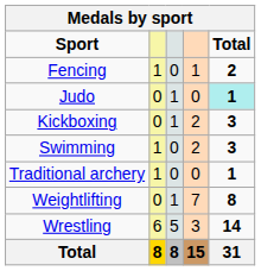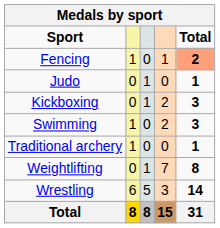 <table class="wikitable" style="font-size:85%">
 <tr style="background:#efefef;">
 <th colspan=7>Medals by sport</th>
 </tr>
 <tr align=center>
 <td><strong>Sport</strong></td>
 <td bgcolor=#f7f6a8></td>
 <td bgcolor=#dce5e5></td>
 <td bgcolor=#ffdab9></td>
 <td><strong>Total</strong></td>
 </tr>
 <tr align=center>
 <td><a href='#'>Fencing</a></td>
 <td style="background:#F7F6A8;">1</td>
 <td style="background:#DCE5E5;">0</td>
 <td style="background:#FFDAB9;">1</td>
-<td><strong>2</strong></td>
+<td style="background: lightsalmon;"><strong>2</strong></td>
 </tr>
 <tr align=center>
 <td><a href='#'>Judo</a></td>
 <td style="background:#F7F6A8;">0</td>
 <td style="background:#DCE5E5;">1</td>
 <td style="background:#FFDAB9;">0</td>
-<td style="background: paleturquoise;"><strong>1</strong></td>
+<td><strong>1</strong></td>
 </tr>
 <tr align=center>
 <td><a href='#'>Kickboxing</a></td>
 <td style="background:#F7F6A8;">0</td>
 <td style="background:#DCE5E5;">1</td>
 <td style="background:#FFDAB9;">2</td>
 <td><strong>3</strong></td>
 </tr>
 <tr align=center>
 <td><a href='#'>Swimming</a></td>
 <td style="background:#F7F6A8;">1</td>
 <td style="background:#DCE5E5;">0</td>
 <td style="background:#FFDAB9;">2</td>
 <td><strong>3</strong></td>
 </tr>
 <tr align=center>
 <td><a href='#'>Traditional archery</a></td>
 <td style="background:#F7F6A8;">1</td>
 <td style="background:#DCE5E5;">0</td>
 <td style="background:#FFDAB9;">0</td>
 <td><strong>1</strong></td>
 </tr>
 <tr align=center>
 <td><a href='#'>Weightlifting</a></td>
 <td style="background:#F7F6A8;">0</td>
 <td style="background:#DCE5E5;">1</td>
 <td style="background:#FFDAB9;">7</td>
 <td><strong>8</strong></td>
 </tr>
 <tr align=center>
 <td><a href='#'>Wrestling</a></td>
 <td style="background:#F7F6A8;">6</td>
 <td style="background:#DCE5E5;">5</td>
 <td style="background:#FFDAB9;">3</td>
 <td><strong>14</strong></td>
 </tr>
 <tr align=center>
 <th>Total</th>
 <th style="background:gold;">8</th>
 <th style="background:silver;">8</th>
 <th style="background:#c96;">15</th>
 <th>31</th>
 </tr>
 </table>
